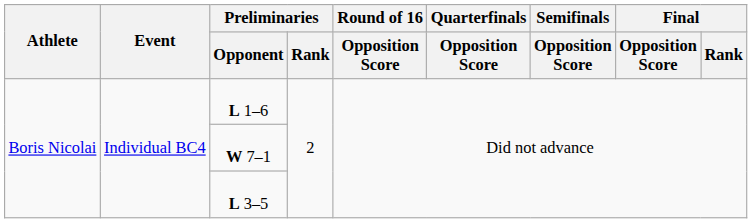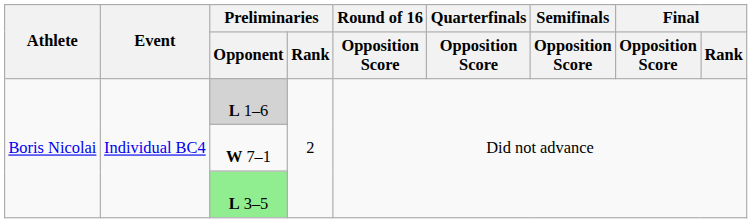 <table class=wikitable style="font-size:90%">
 <tr>
 <th rowspan="2">Athlete</th>
 <th rowspan="2">Event</th>
 <th colspan="2">Preliminaries</th>
 <th>Round of 16</th>
 <th>Quarterfinals</th>
 <th>Semifinals</th>
 <th colspan="2">Final</th>
 </tr>
 <tr>
 <th>Opponent</th>
 <th>Rank</th>
 <th>Opposition<br>Score</th>
 <th>Opposition<br>Score</th>
 <th>Opposition<br>Score</th>
 <th>Opposition<br>Score</th>
 <th>Rank</th>
 </tr>
 <tr align=center>
 <td align=left rowspan="3"><a href='#'>Boris Nicolai</a></td>
 <td align=left rowspan="3"><a href='#'>Individual BC4</a></td>
-<td><br><strong>L</strong> 1–6</td>
+<td style="background: lightgrey;"><br><strong>L</strong> 1–6</td>
 <td rowspan="3">2</td>
 <td rowspan="3" colspan="5">Did not advance</td>
 </tr>
 <tr align=center>
 <td><br><strong>W</strong> 7–1</td>
 </tr>
 <tr align=center>
-<td><br><strong>L</strong> 3–5</td>
+<td style="background: lightgreen;"><br><strong>L</strong> 3–5</td>
 </tr>
 </table>
